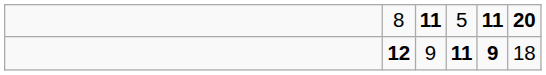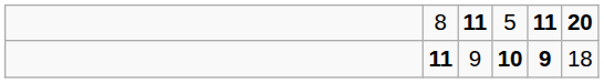 <table class="wikitable">
 <tr>
 <td style="width:18em"><strong></strong></td>
 <td align=center style="width:1em">8</td>
 <td align=center style="width:1em"><strong>11</strong></td>
 <td align=center style="width:1em">5</td>
 <td align=center style="width:1em"><strong>11</strong></td>
 <td align=center style="width:1em"><strong>20</strong></td>
 </tr>
 <tr>
 <td style="width:18em"></td>
-<td align=center style="width:1em"><strong>12</strong></td>
+<td align=center style="width:1em"><strong>11</strong></td>
 <td align=center style="width:1em">9</td>
-<td align=center style="width:1em"><strong>11</strong></td>
+<td align=center style="width:1em"><strong>10</strong></td>
 <td align=center style="width:1em"><strong>9</strong></td>
 <td align=center style="width:1em">18</td>
 </tr>
 </table>
